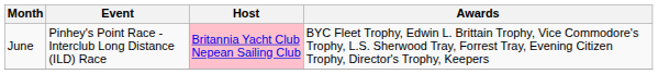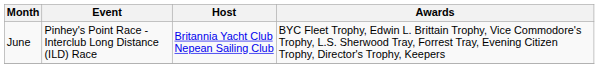 <table class="wikitable">
 <tr>
 <th>Month</th>
 <th>Event</th>
 <th>Host</th>
 <th>Awards</th>
 </tr>
 <tr>
 <td>June</td>
 <td>Pinhey's Point Race -Interclub Long Distance (ILD) Race</td>
-<td style="background: pink;"><a href='#'>Britannia Yacht Club</a> <a href='#'>Nepean Sailing Club</a></td>
+<td><a href='#'>Britannia Yacht Club</a> <a href='#'>Nepean Sailing Club</a></td>
 <td>BYC Fleet Trophy, Edwin L. Brittain Trophy, Vice Commodore's Trophy, L.S. Sherwood Tray, Forrest Tray, Evening Citizen Trophy, Director's Trophy, Keepers</td>
 </tr>
 <tr>
 </tr>
 </table>
